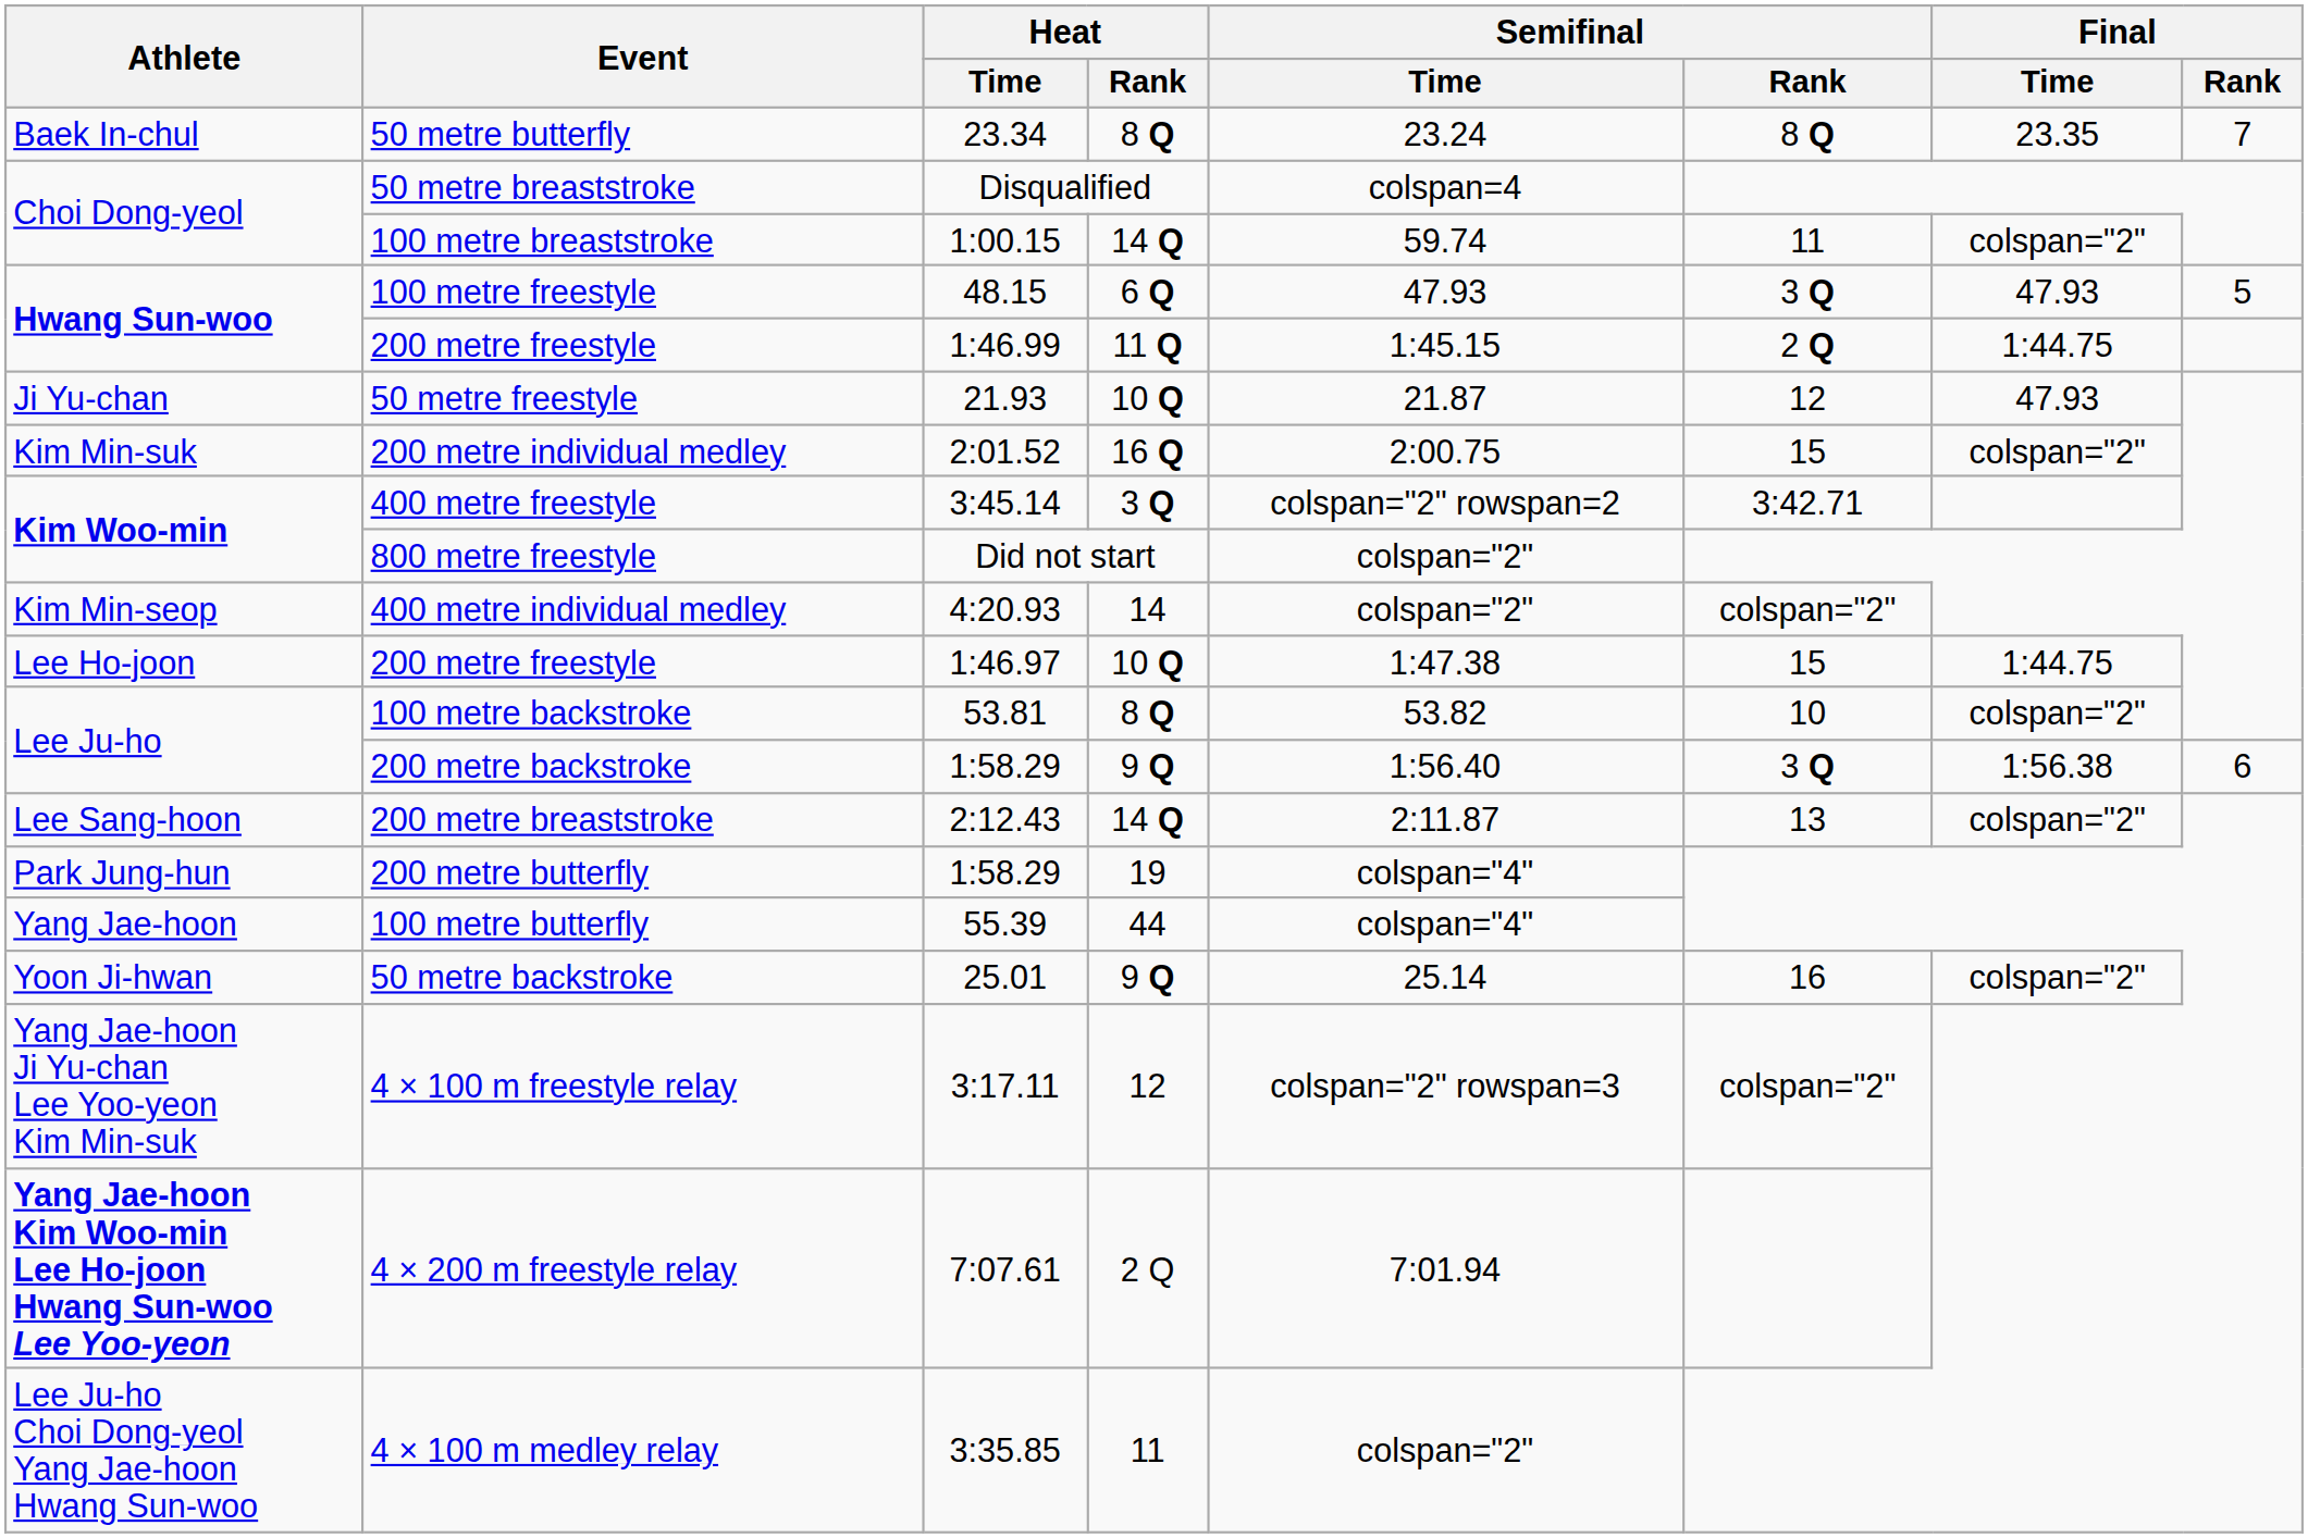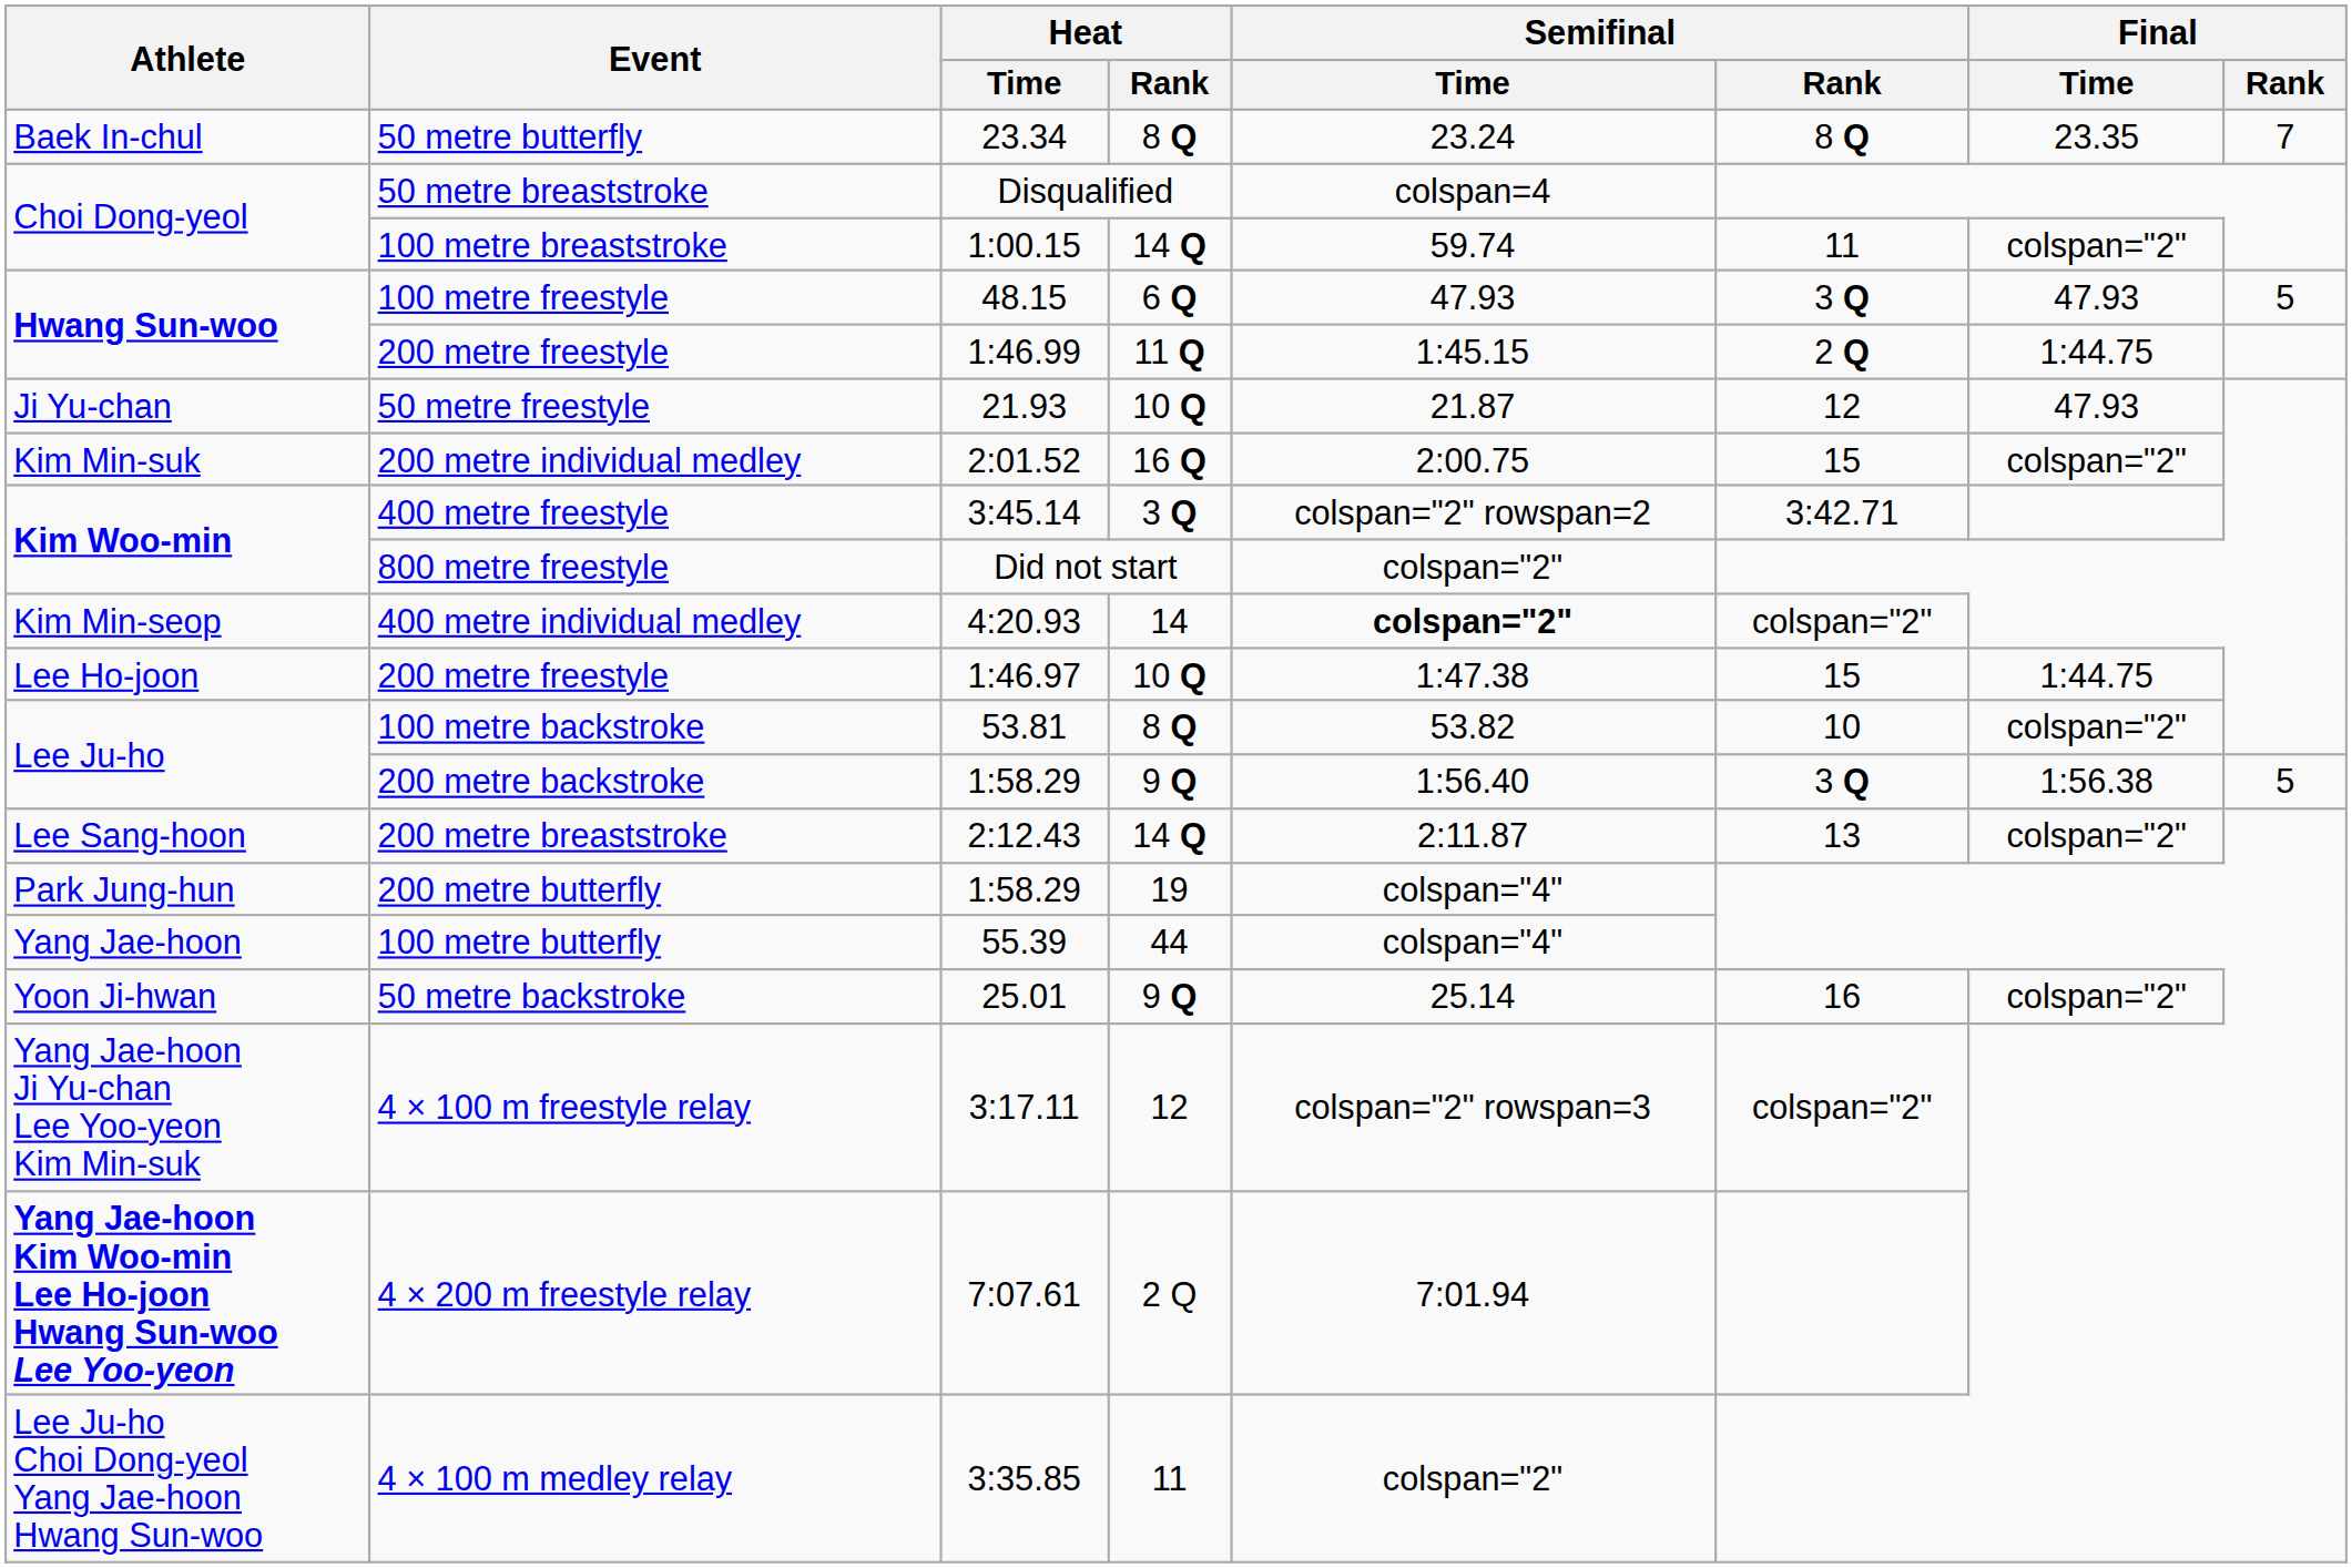 <table class="wikitable" style="text-align:center; font-size:90%; width:50%;">
 <tr>
 <th rowspan="2">Athlete</th>
 <th rowspan="2">Event</th>
 <th colspan="2">Heat</th>
 <th colspan="2">Semifinal</th>
 <th colspan="2">Final</th>
 </tr>
 <tr style="font-size:95%">
 <th>Time</th>
 <th>Rank</th>
 <th>Time</th>
 <th>Rank</th>
 <th>Time</th>
 <th>Rank</th>
 </tr>
 <tr align=center>
 <td align=left><a href='#'>Baek In-chul</a></td>
 <td align=left><a href='#'>50 metre butterfly</a></td>
 <td>23.34</td>
 <td>8 <strong>Q</strong></td>
 <td>23.24</td>
 <td>8 <strong>Q</strong></td>
 <td>23.35</td>
 <td>7</td>
 </tr>
 <tr align=center>
 <td align=left rowspan=2><a href='#'>Choi Dong-yeol</a></td>
 <td align=left><a href='#'>50 metre breaststroke</a></td>
 <td colspan=2>Disqualified</td>
 <td>colspan=4  </td>
 </tr>
 <tr align=center>
 <td align=left><a href='#'>100 metre breaststroke</a></td>
 <td>1:00.15</td>
 <td>14 <strong>Q</strong></td>
 <td>59.74</td>
 <td>11</td>
 <td>colspan="2"  </td>
 </tr>
 <tr align=center>
 <td align=left rowspan=2><strong><a href='#'>Hwang Sun-woo</a></strong></td>
 <td align=left><a href='#'>100 metre freestyle</a></td>
 <td>48.15</td>
 <td>6 <strong>Q</strong></td>
 <td>47.93</td>
 <td>3 <strong>Q</strong></td>
 <td>47.93</td>
 <td>5</td>
 </tr>
 <tr align=center>
 <td align=left><a href='#'>200 metre freestyle</a></td>
 <td>1:46.99</td>
 <td>11 <strong>Q</strong></td>
 <td>1:45.15</td>
 <td>2 <strong>Q</strong></td>
 <td>1:44.75</td>
 <td></td>
 </tr>
 <tr align=center>
 <td align=left><a href='#'>Ji Yu-chan</a></td>
 <td align=left><a href='#'>50 metre freestyle</a></td>
 <td>21.93</td>
 <td>10 <strong>Q</strong></td>
 <td>21.87</td>
 <td>12</td>
 <td>47.93</td>
 </tr>
 <tr align=center>
 <td align=left><a href='#'>Kim Min-suk</a></td>
 <td align=left><a href='#'>200 metre individual medley</a></td>
 <td>2:01.52</td>
 <td>16 <strong>Q</strong></td>
 <td>2:00.75</td>
 <td>15</td>
 <td>colspan="2"  </td>
 </tr>
 <tr align=center>
 <td align=left rowspan=2><strong><a href='#'>Kim Woo-min</a></strong></td>
 <td align=left><a href='#'>400 metre freestyle</a></td>
 <td>3:45.14</td>
 <td>3 <strong>Q</strong></td>
 <td>colspan="2" rowspan=2  </td>
 <td>3:42.71</td>
 <td></td>
 </tr>
 <tr align=center>
 <td align=left><a href='#'>800 metre freestyle</a></td>
 <td colspan="2">Did not start</td>
 <td>colspan="2"  </td>
 </tr>
 <tr align=center>
 <td align=left><a href='#'>Kim Min-seop</a></td>
 <td align=left><a href='#'>400 metre individual medley</a></td>
 <td>4:20.93</td>
 <td>14</td>
-<td>colspan="2"  </td>
+<td><strong>colspan="2"  </strong></td>
 <td>colspan="2"  </td>
 </tr>
 <tr align=center>
 <td align=left><a href='#'>Lee Ho-joon</a></td>
 <td align=left><a href='#'>200 metre freestyle</a></td>
 <td>1:46.97</td>
 <td>10 <strong>Q</strong></td>
 <td>1:47.38</td>
 <td>15</td>
 <td>1:44.75</td>
 </tr>
 <tr align=center>
 <td align=left rowspan=2><a href='#'>Lee Ju-ho</a></td>
 <td align=left><a href='#'>100 metre backstroke</a></td>
 <td>53.81</td>
 <td>8 <strong>Q</strong></td>
 <td>53.82</td>
 <td>10</td>
 <td>colspan="2" </td>
 </tr>
 <tr align=center>
 <td align=left><a href='#'>200 metre backstroke</a></td>
 <td>1:58.29</td>
 <td>9 <strong>Q</strong></td>
 <td>1:56.40</td>
 <td>3 <strong>Q</strong></td>
 <td>1:56.38</td>
-<td>6</td>
+<td>5</td>
 </tr>
 <tr align=center>
 <td align=left><a href='#'>Lee Sang-hoon</a></td>
 <td align=left><a href='#'>200 metre breaststroke</a></td>
 <td>2:12.43</td>
 <td>14 <strong>Q</strong></td>
 <td>2:11.87</td>
 <td>13</td>
 <td>colspan="2"  </td>
 </tr>
 <tr align=center>
 <td align=left><a href='#'>Park Jung-hun</a></td>
 <td align=left><a href='#'>200 metre butterfly</a></td>
 <td>1:58.29</td>
 <td>19</td>
 <td>colspan="4"  </td>
 </tr>
 <tr align=center>
 <td align=left><a href='#'>Yang Jae-hoon</a></td>
 <td align=left><a href='#'>100 metre butterfly</a></td>
 <td>55.39</td>
 <td>44</td>
 <td>colspan="4"  </td>
 </tr>
 <tr align=center>
 <td align=left><a href='#'>Yoon Ji-hwan</a></td>
 <td align=left><a href='#'>50 metre backstroke</a></td>
 <td>25.01</td>
 <td>9 <strong>Q</strong></td>
 <td>25.14</td>
 <td>16</td>
 <td>colspan="2"  </td>
 </tr>
 <tr align=center>
 <td align=left><a href='#'>Yang Jae-hoon</a> <br><a href='#'>Ji Yu-chan</a><br><a href='#'>Lee Yoo-yeon</a> <br><a href='#'>Kim Min-suk</a></td>
 <td align=left><a href='#'>4 × 100 m freestyle relay</a></td>
 <td>3:17.11</td>
 <td>12</td>
 <td>colspan="2" rowspan=3 </td>
 <td>colspan="2"  </td>
 </tr>
 <tr align=center>
 <td align=left><strong><a href='#'>Yang Jae-hoon</a><br><a href='#'>Kim Woo-min</a><br><a href='#'>Lee Ho-joon</a><br><a href='#'>Hwang Sun-woo</a><br><em><a href='#'>Lee Yoo-yeon</a><strong><em></td>
 <td align=left><a href='#'>4 × 200 m freestyle relay</a></td>
 <td>7:07.61</td>
 <td>2 </strong>Q<strong></td>
 <td>7:01.94</td>
 <td></td>
 </tr>
 <tr align=center>
 <td align=left><a href='#'>Lee Ju-ho</a> <br><a href='#'>Choi Dong-yeol</a><br><a href='#'>Yang Jae-hoon</a> <br><a href='#'>Hwang Sun-woo</a></td>
 <td align=left><a href='#'>4 × 100 m medley relay</a></td>
 <td>3:35.85</td>
 <td>11</td>
 <td>colspan="2"  </td>
 </tr>
 </table>
